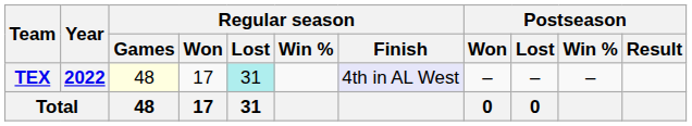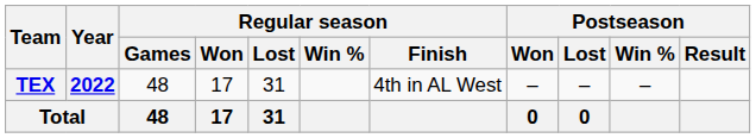 <table class="wikitable" style="font-size: 95%; text-align:center;">
 <tr>
 <th rowspan="2">Team</th>
 <th rowspan="2">Year</th>
 <th colspan="5">Regular season</th>
 <th colspan="4">Postseason</th>
 </tr>
 <tr>
 <th>Games</th>
 <th>Won</th>
 <th>Lost</th>
 <th>Win %</th>
 <th>Finish</th>
 <th>Won</th>
 <th>Lost</th>
 <th>Win %</th>
 <th>Result</th>
 </tr>
 <tr>
 <th><a href='#'>TEX</a></th>
 <th><a href='#'>2022</a></th>
-<td style="background: lightyellow;">48</td>
+<td>48</td>
 <td>17</td>
-<td style="background: paleturquoise;">31</td>
+<td>31</td>
 <td></td>
-<td style="background: lavender;">4th in AL West</td>
+<td>4th in AL West</td>
 <td>–</td>
 <td>–</td>
 <td>–</td>
 <td></td>
 </tr>
 <tr>
 <th colspan="2">Total</th>
 <th>48</th>
 <th>17</th>
 <th>31</th>
 <th></th>
 <th></th>
 <th>0</th>
 <th>0</th>
 <th></th>
 <th></th>
 </tr>
 </table>
